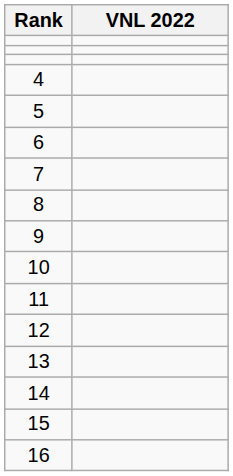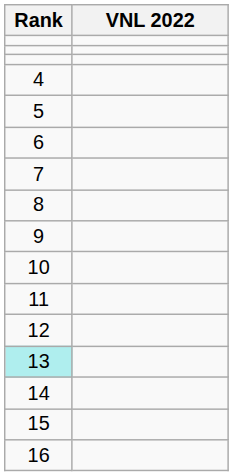 <table class="wikitable sortable" style="font-size:85%; text-align:center;">
 <tr>
 <th width=40>Rank</th>
 <th width=100>VNL 2022</th>
 </tr>
 <tr>
 <td></td>
 <td style="text-align:left"></td>
 </tr>
 <tr>
 <td></td>
 <td style="text-align:left"></td>
 </tr>
 <tr>
 <td></td>
 <td style="text-align:left"></td>
 </tr>
 <tr>
 <td>4</td>
 <td style="text-align:left"></td>
 </tr>
 <tr>
 <td>5</td>
 <td style="text-align:left"></td>
 </tr>
 <tr>
 <td>6</td>
 <td style="text-align:left"></td>
 </tr>
 <tr>
 <td>7</td>
 <td style="text-align:left"></td>
 </tr>
 <tr>
 <td>8</td>
 <td style="text-align:left"></td>
 </tr>
 <tr>
 <td>9</td>
 <td style="text-align:left"></td>
 </tr>
 <tr>
 <td>10</td>
 <td style="text-align:left"></td>
 </tr>
 <tr>
 <td>11</td>
 <td style="text-align:left"></td>
 </tr>
 <tr>
 <td>12</td>
 <td style="text-align:left"></td>
 </tr>
 <tr>
-<td>13</td>
+<td style="background: paleturquoise;">13</td>
 <td style="text-align:left"></td>
 </tr>
 <tr>
 <td>14</td>
 <td style="text-align:left"></td>
 </tr>
 <tr>
 <td>15</td>
 <td style="text-align:left"></td>
 </tr>
 <tr>
 <td>16</td>
 <td style="text-align:left"></td>
 </tr>
 </table>
